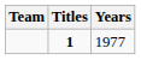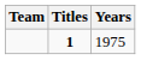 <table class="wikitable sortable" style="text-align:center">
 <tr>
 <th>Team</th>
 <th>Titles</th>
 <th>Years</th>
 </tr>
 <tr>
 <td style=><strong></strong></td>
 <td><strong>1</strong></td>
-<td align=left>1977</td>
+<td align=left>1975</td>
 </tr>
 </table>
